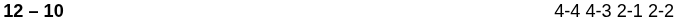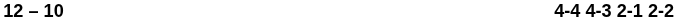 <table width=100% cellspacing=1>
 <tr>
 <th width=20%></th>
 <th width=12%></th>
 <th width=20%></th>
 <th width=33%></th>
 <td></td>
 </tr>
 <tr style=font-size:90%>
 <td align=right><strong></strong></td>
 <td align=center><strong>12 – 10</strong></td>
 <td></td>
-<td>4-4 4-3 2-1 2-2</td>
+<td><strong>4-4 4-3 2-1 2-2</strong></td>
 </tr>
 </table>
